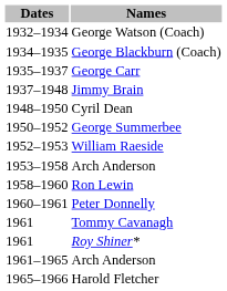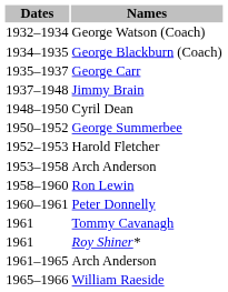 <table class="toccolours">
 <tr>
 <th bgcolor=silver>Dates</th>
 <th bgcolor=silver>Names</th>
 </tr>
 <tr>
 <td>1932–1934</td>
 <td> George Watson (Coach)</td>
 </tr>
 <tr>
 <td>1934–1935</td>
 <td> <a href='#'>George Blackburn</a> (Coach)</td>
 </tr>
 <tr>
 <td>1935–1937</td>
 <td> <a href='#'>George Carr</a></td>
 </tr>
 <tr>
 <td>1937–1948</td>
 <td> <a href='#'>Jimmy Brain</a></td>
 </tr>
 <tr>
 <td>1948–1950</td>
 <td> Cyril Dean</td>
 </tr>
 <tr>
 <td>1950–1952</td>
 <td> <a href='#'>George Summerbee</a></td>
 </tr>
 <tr>
 <td>1952–1953</td>
-<td> <a href='#'>William Raeside</a></td>
+<td> Harold Fletcher</td>
 </tr>
 <tr>
 <td>1953–1958</td>
 <td> Arch Anderson</td>
 </tr>
 <tr>
 <td>1958–1960</td>
 <td> <a href='#'>Ron Lewin</a></td>
 </tr>
 <tr>
 <td>1960–1961</td>
 <td> <a href='#'>Peter Donnelly</a></td>
 </tr>
 <tr>
 <td>1961</td>
 <td> <a href='#'>Tommy Cavanagh</a></td>
 </tr>
 <tr>
 <td>1961</td>
 <td> <em><a href='#'>Roy Shiner</a>*</em></td>
 </tr>
 <tr>
 <td>1961–1965</td>
 <td> Arch Anderson</td>
 </tr>
 <tr>
 <td>1965–1966</td>
-<td> Harold Fletcher</td>
+<td> <a href='#'>William Raeside</a></td>
 </tr>
 <tr>
 </tr>
 </table>
